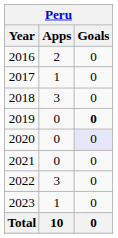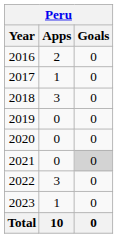 <table class="wikitable" style="text-align:center">
 <tr>
 <th colspan=3><a href='#'>Peru</a></th>
 </tr>
 <tr>
 <th>Year</th>
 <th>Apps</th>
 <th>Goals</th>
 </tr>
 <tr>
 <td>2016</td>
 <td>2</td>
 <td>0</td>
 </tr>
 <tr>
 <td>2017</td>
 <td>1</td>
 <td>0</td>
 </tr>
 <tr>
 <td>2018</td>
 <td>3</td>
 <td>0</td>
 </tr>
 <tr>
 <td>2019</td>
 <td>0</td>
-<td><strong>0</strong></td>
+<td>0</td>
 </tr>
 <tr>
 <td>2020</td>
 <td>0</td>
-<td style="background: lavender;">0</td>
+<td>0</td>
 </tr>
 <tr>
 <td>2021</td>
 <td>0</td>
-<td>0</td>
+<td style="background: lightgrey;">0</td>
 </tr>
 <tr>
 <td>2022</td>
 <td>3</td>
 <td>0</td>
 </tr>
 <tr>
 <td>2023</td>
 <td>1</td>
 <td>0</td>
 </tr>
 <tr>
 <th>Total</th>
 <th>10</th>
 <th>0</th>
 </tr>
 </table>
